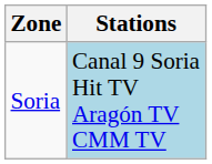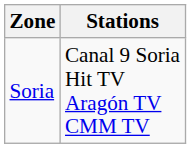 <table class="wikitable">
 <tr>
 <th>Zone</th>
 <th>Stations</th>
 </tr>
 <tr>
 <td><a href='#'>Soria</a></td>
-<td style="background: lightblue;">Canal 9 Soria<br>Hit TV<br><a href='#'>Aragón TV</a><br><a href='#'>CMM TV</a></td>
+<td>Canal 9 Soria<br>Hit TV<br><a href='#'>Aragón TV</a><br><a href='#'>CMM TV</a></td>
 </tr>
 </table>
